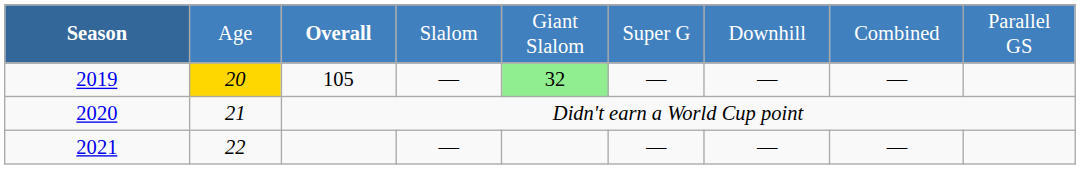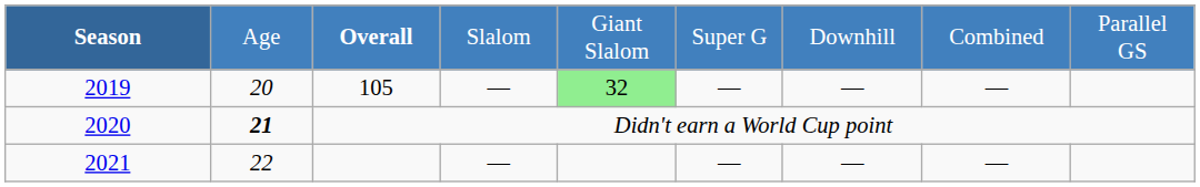 <table class="wikitable" style="font-size:95%; text-align:center; border:grey solid 1px; border-collapse:collapse;" width="40%">
 <tr style="background-color:#369; color:white;">
 <td rowspan="2" colspan="1" width="10%"><strong>Season</strong></td>
 </tr>
 <tr style="background-color:#4180be; color:white;">
 <td width="5%">Age</td>
 <td width="5%"><strong>Overall</strong></td>
 <td width="5%">Slalom</td>
 <td width="5%">Giant<br>Slalom</td>
 <td width="5%">Super G</td>
 <td width="5%">Downhill</td>
 <td width="5%">Combined</td>
 <td width="5%">Parallel<br>GS</td>
 </tr>
 <tr style="background-color:#8CB2D8; color:white;">
 </tr>
 <tr>
 <td><a href='#'>2019</a></td>
-<td style="background: gold;"><em>20</em></td>
+<td><em>20</em></td>
 <td>105</td>
 <td>—</td>
 <td style="background: lightgreen;">32</td>
 <td>—</td>
 <td>—</td>
 <td>—</td>
 <td></td>
 </tr>
 <tr>
 <td><a href='#'>2020</a></td>
-<td><em>21</em></td>
+<td><strong><em>21</em></strong></td>
 <td colspan=7><em>Didn't earn a World Cup point</em></td>
 </tr>
 <tr>
 <td><a href='#'>2021</a></td>
 <td><em>22</em></td>
 <td></td>
 <td>—</td>
 <td></td>
 <td>—</td>
 <td>—</td>
 <td>—</td>
 <td></td>
 </tr>
 </table>
